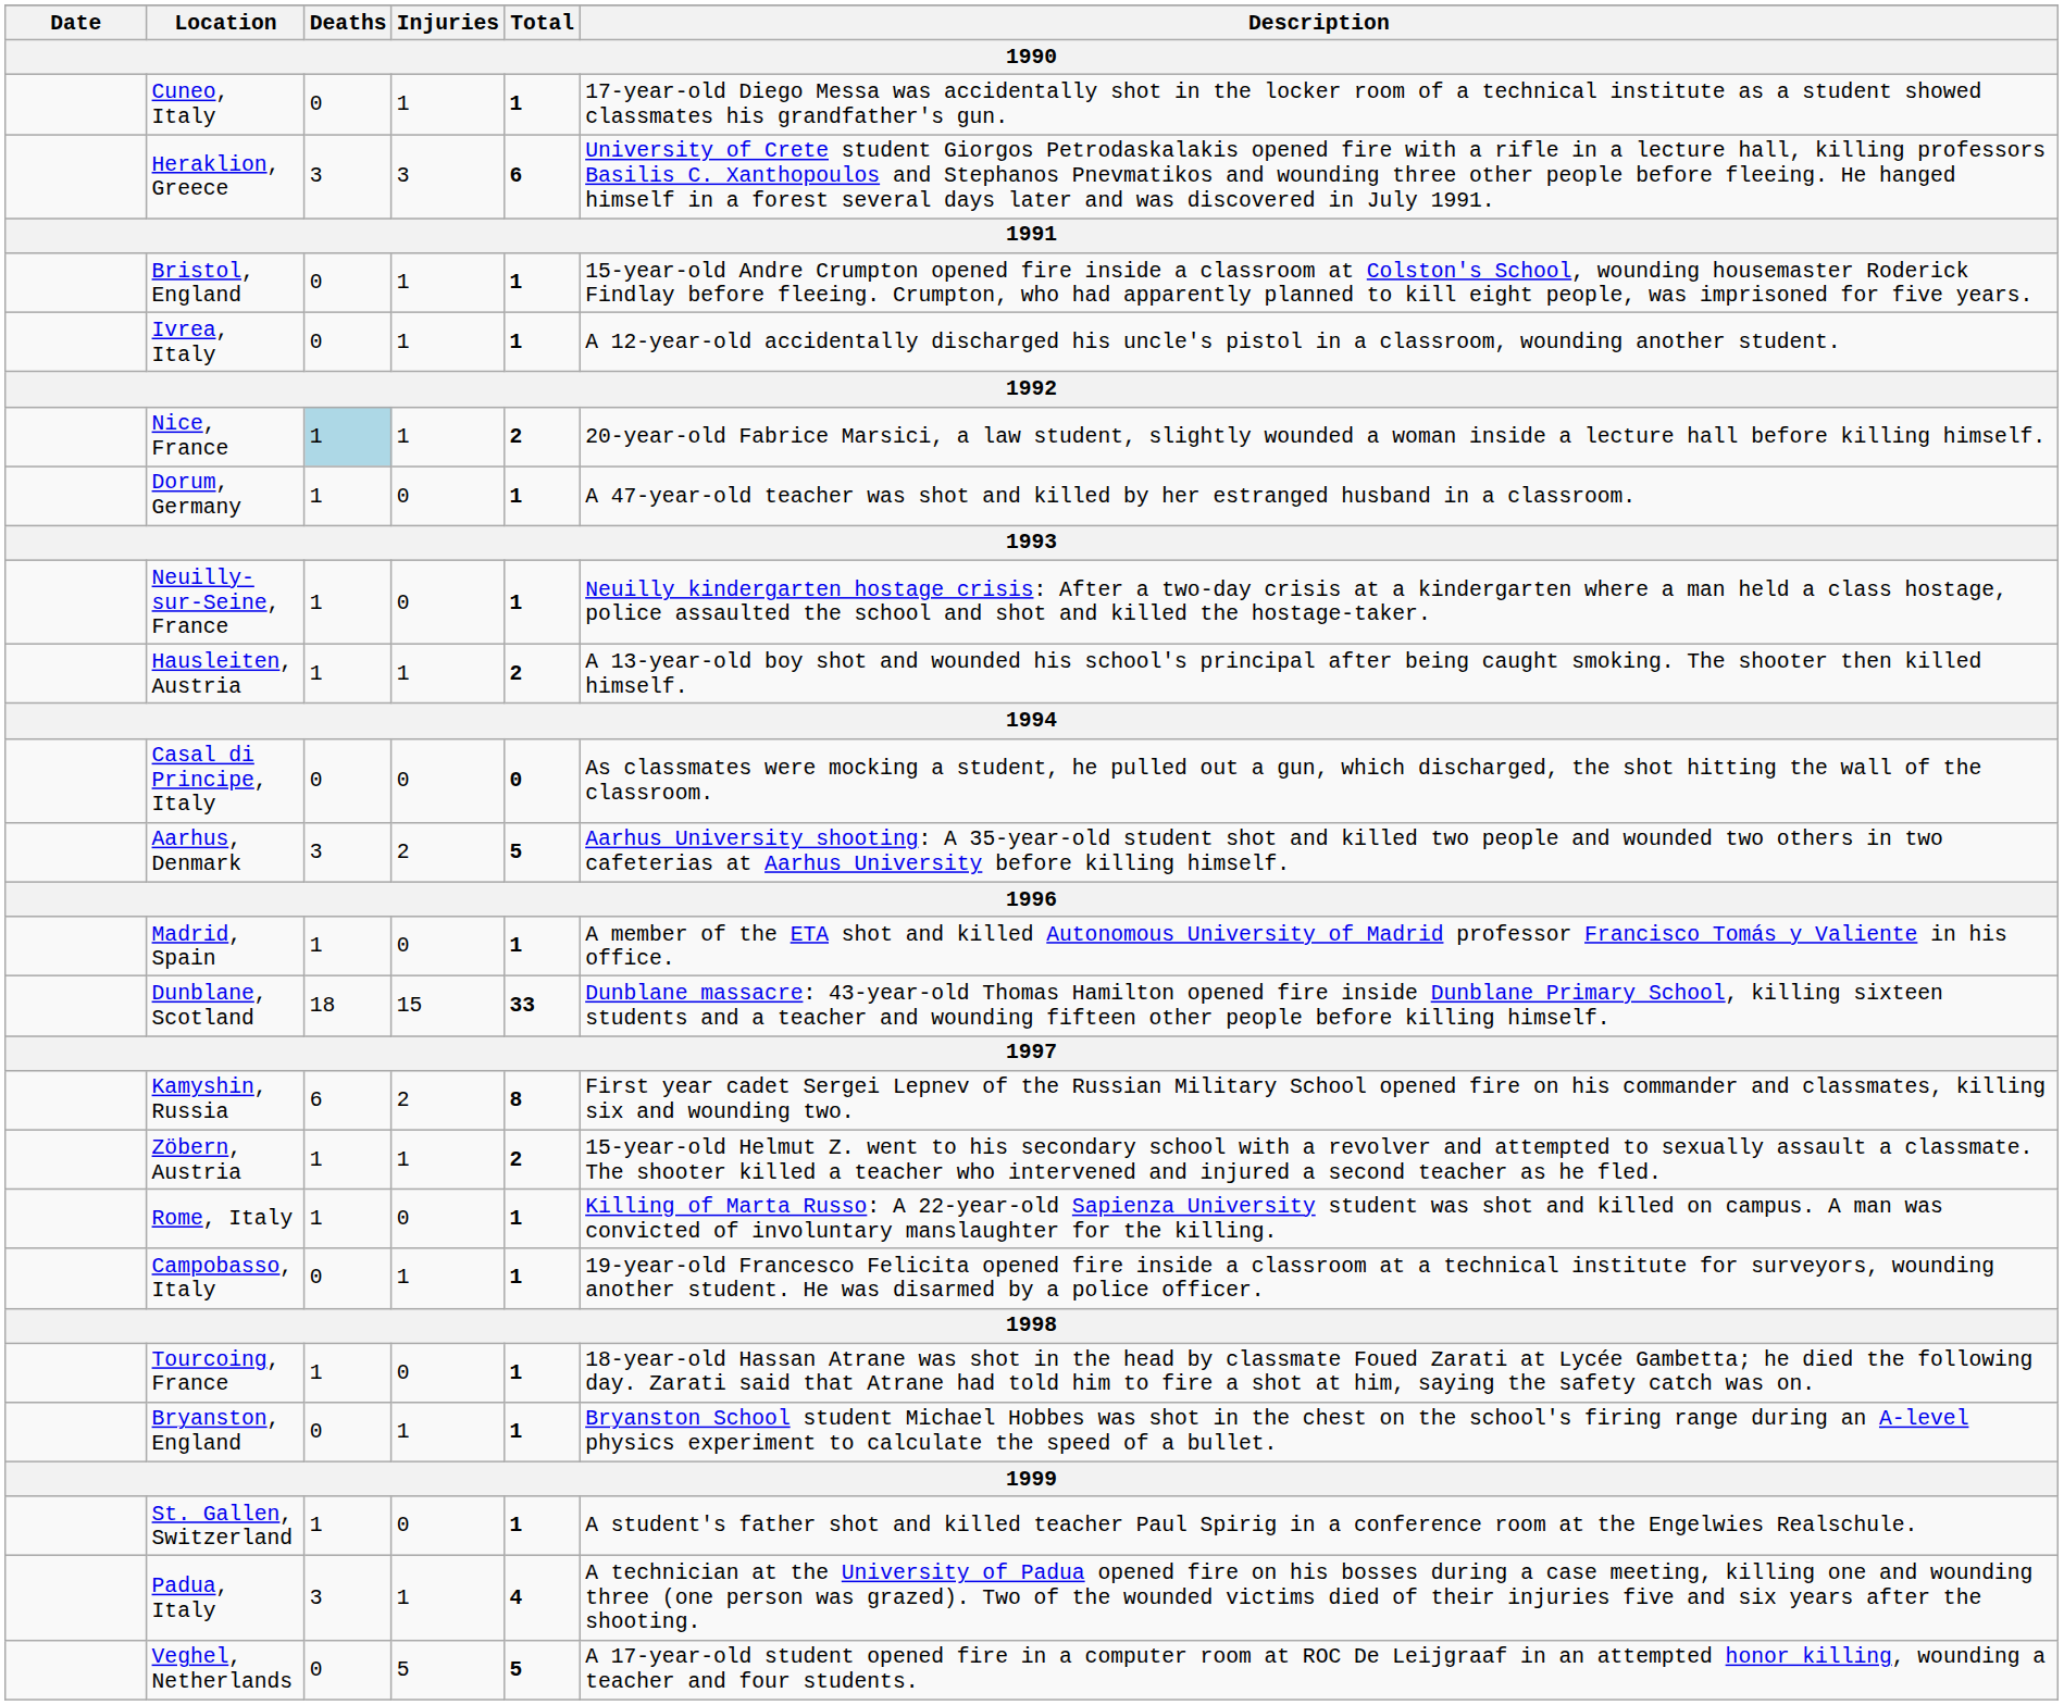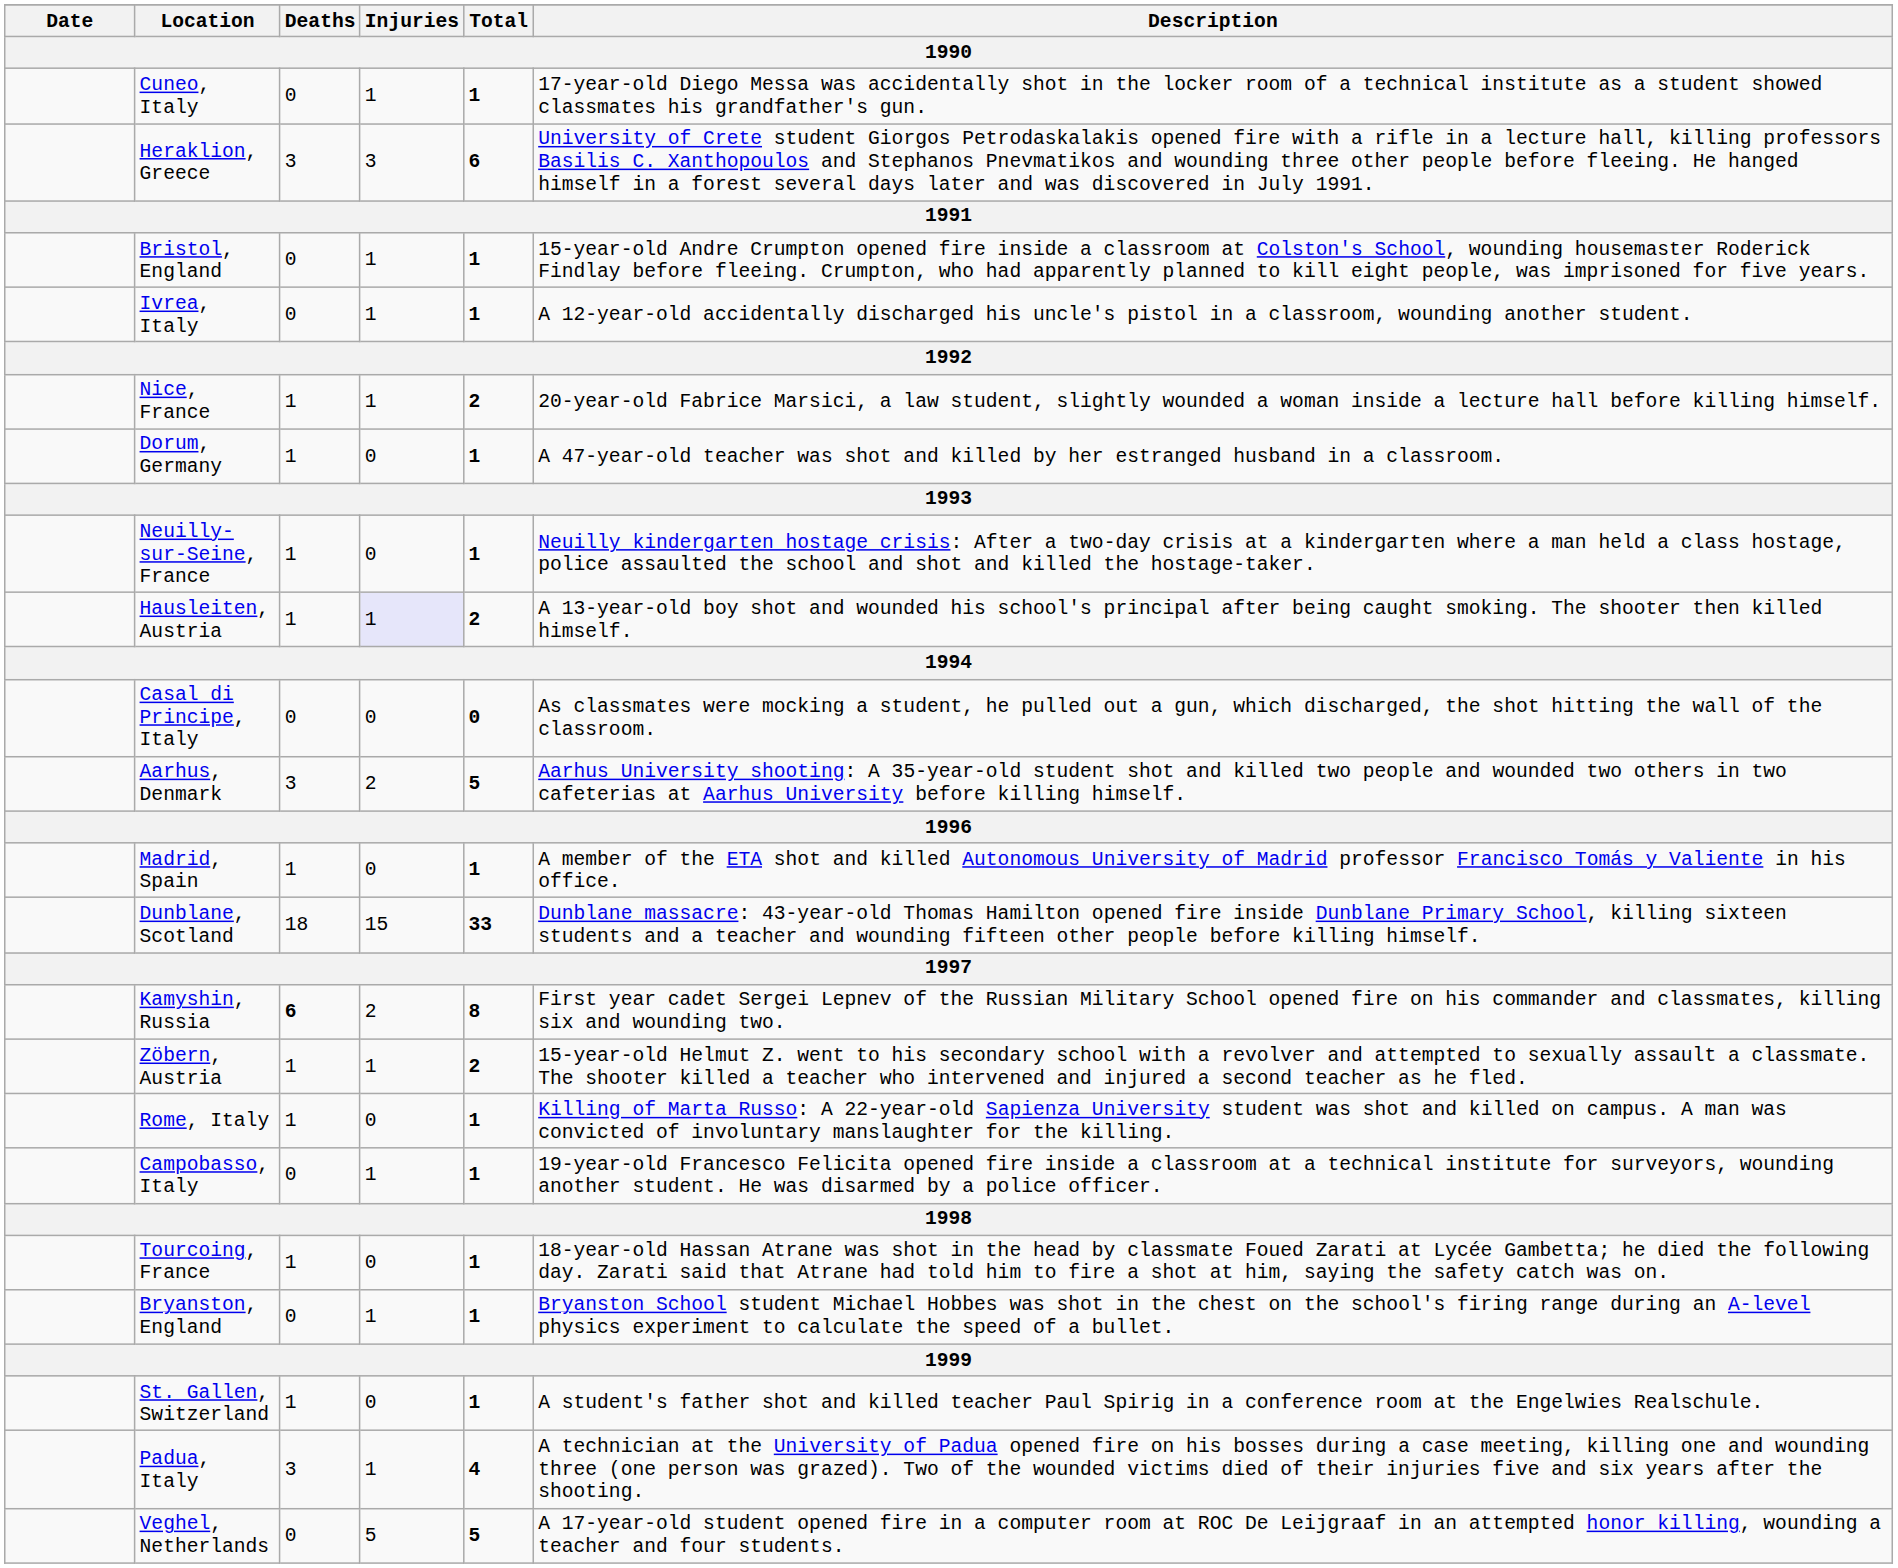 <table class="sortable wikitable" style="font-size:100%;" id="1990s">
 <tr>
 </tr>
 <tr>
 <th style="width:80px;">Date</th>
 <th style="width:90px;">Location</th>
 <th style="width:40px;">Deaths</th>
 <th style="width:40px;">Injuries</th>
 <th style="width:40px;">Total</th>
 <th class="unsortable">Description</th>
 </tr>
 <tr>
 <th colspan="7">1990 </th>
 </tr>
 <tr>
 <td></td>
 <td><a href='#'>Cuneo</a>, Italy</td>
 <td>0</td>
 <td>1</td>
 <td><strong>1</strong></td>
 <td>17-year-old Diego Messa was accidentally shot in the locker room of a technical institute as a student showed classmates his grandfather's gun.</td>
 </tr>
 <tr>
 <td></td>
 <td><a href='#'>Heraklion</a>, Greece</td>
 <td>3</td>
 <td>3</td>
 <td><strong>6</strong></td>
 <td><a href='#'>University of Crete</a> student Giorgos Petrodaskalakis opened fire with a rifle in a lecture hall, killing professors <a href='#'>Basilis C. Xanthopoulos</a> and Stephanos Pnevmatikos and wounding three other people before fleeing. He hanged himself in a forest several days later and was discovered in July 1991.</td>
 </tr>
 <tr>
 <th colspan="7">1991 </th>
 </tr>
 <tr>
 <td></td>
 <td><a href='#'>Bristol</a>, England</td>
 <td>0</td>
 <td>1</td>
 <td><strong>1</strong></td>
 <td>15-year-old Andre Crumpton opened fire inside a classroom at <a href='#'>Colston's School</a>, wounding housemaster Roderick Findlay before fleeing. Crumpton, who had apparently planned to kill eight people, was imprisoned for five years.</td>
 </tr>
 <tr>
 <td></td>
 <td><a href='#'>Ivrea</a>, Italy</td>
 <td>0</td>
 <td>1</td>
 <td><strong>1</strong></td>
 <td>A 12-year-old accidentally discharged his uncle's pistol in a classroom, wounding another student.</td>
 </tr>
 <tr>
 <th colspan="7">1992 </th>
 </tr>
 <tr>
 <td></td>
 <td><a href='#'>Nice</a>, France</td>
-<td style="background: lightblue;">1</td>
+<td>1</td>
 <td>1</td>
 <td><strong>2</strong></td>
 <td>20-year-old Fabrice Marsici, a law student, slightly wounded a woman inside a lecture hall before killing himself.</td>
 </tr>
 <tr>
 <td></td>
 <td><a href='#'>Dorum</a>, Germany</td>
 <td>1</td>
 <td>0</td>
 <td><strong>1</strong></td>
 <td>A 47-year-old teacher was shot and killed by her estranged husband in a classroom.</td>
 </tr>
 <tr>
 <th colspan="7">1993 </th>
 </tr>
 <tr>
 <td></td>
 <td><a href='#'>Neuilly-sur-Seine</a>, France</td>
 <td>1</td>
 <td>0</td>
 <td><strong>1</strong></td>
 <td><a href='#'>Neuilly kindergarten hostage crisis</a>: After a two-day crisis at a kindergarten where a man held a class hostage, police assaulted the school and shot and killed the hostage-taker.</td>
 </tr>
 <tr>
 <td></td>
 <td><a href='#'>Hausleiten</a>, Austria</td>
 <td>1</td>
-<td>1</td>
+<td style="background: lavender;">1</td>
 <td><strong>2</strong></td>
 <td>A 13-year-old boy shot and wounded his school's principal after being caught smoking. The shooter then killed himself.</td>
 </tr>
 <tr>
 <th colspan="7">1994 </th>
 </tr>
 <tr>
 <td></td>
 <td><a href='#'>Casal di Principe</a>, Italy</td>
 <td>0</td>
 <td>0</td>
 <td><strong>0</strong></td>
 <td>As classmates were mocking a student, he pulled out a gun, which discharged, the shot hitting the wall of the classroom.</td>
 </tr>
 <tr>
 <td></td>
 <td><a href='#'>Aarhus</a>, Denmark</td>
 <td>3</td>
 <td>2</td>
 <td><strong>5</strong></td>
 <td><a href='#'>Aarhus University shooting</a>: A 35-year-old student shot and killed two people and wounded two others in two cafeterias at <a href='#'>Aarhus University</a> before killing himself.</td>
 </tr>
 <tr>
 <th colspan="7">1996 </th>
 </tr>
 <tr>
 <td></td>
 <td><a href='#'>Madrid</a>, Spain</td>
 <td>1</td>
 <td>0</td>
 <td><strong>1</strong></td>
 <td>A member of the <a href='#'>ETA</a> shot and killed <a href='#'>Autonomous University of Madrid</a> professor <a href='#'>Francisco Tomás y Valiente</a> in his office.</td>
 </tr>
 <tr>
 <td></td>
 <td><a href='#'>Dunblane</a>, Scotland</td>
 <td>18</td>
 <td>15</td>
 <td><strong>33</strong></td>
 <td><a href='#'>Dunblane massacre</a>: 43-year-old Thomas Hamilton opened fire inside <a href='#'>Dunblane Primary School</a>, killing sixteen students and a teacher and wounding fifteen other people before killing himself.</td>
 </tr>
 <tr>
 <th colspan="7">1997 </th>
 </tr>
 <tr>
 <td></td>
 <td><a href='#'>Kamyshin</a>, Russia</td>
-<td>6</td>
+<td><strong>6</strong></td>
 <td>2</td>
 <td><strong>8</strong></td>
 <td>First year cadet Sergei Lepnev of the Russian Military School opened fire on his commander and classmates, killing six and wounding two.</td>
 </tr>
 <tr>
 <td></td>
 <td><a href='#'>Zöbern</a>, Austria</td>
 <td>1</td>
 <td>1</td>
 <td><strong>2</strong></td>
 <td>15-year-old Helmut Z. went to his secondary school with a revolver and attempted to sexually assault a classmate. The shooter killed a teacher who intervened and injured a second teacher as he fled.</td>
 </tr>
 <tr>
 <td></td>
 <td><a href='#'>Rome</a>, Italy</td>
 <td>1</td>
 <td>0</td>
 <td><strong>1</strong></td>
 <td><a href='#'>Killing of Marta Russo</a>: A 22-year-old <a href='#'>Sapienza University</a> student was shot and killed on campus. A man was convicted of involuntary manslaughter for the killing.</td>
 </tr>
 <tr>
 <td></td>
 <td><a href='#'>Campobasso</a>, Italy</td>
 <td>0</td>
 <td>1</td>
 <td><strong>1</strong></td>
 <td>19-year-old Francesco Felicita opened fire inside a classroom at a technical institute for surveyors, wounding another student. He was disarmed by a police officer.</td>
 </tr>
 <tr>
 <th colspan="7">1998 </th>
 </tr>
 <tr>
 <td></td>
 <td><a href='#'>Tourcoing</a>, France</td>
 <td>1</td>
 <td>0</td>
 <td><strong>1</strong></td>
 <td>18-year-old Hassan Atrane was shot in the head by classmate Foued Zarati at Lycée Gambetta; he died the following day. Zarati said that Atrane had told him to fire a shot at him, saying the safety catch was on.</td>
 </tr>
 <tr>
 <td></td>
 <td><a href='#'>Bryanston</a>, England</td>
 <td>0</td>
 <td>1</td>
 <td><strong>1</strong></td>
 <td><a href='#'>Bryanston School</a> student Michael Hobbes was shot in the chest on the school's firing range during an <a href='#'>A-level</a> physics experiment to calculate the speed of a bullet.</td>
 </tr>
 <tr>
 <th colspan="7">1999 </th>
 </tr>
 <tr>
 <td></td>
 <td><a href='#'>St. Gallen</a>, Switzerland</td>
 <td>1</td>
 <td>0</td>
 <td><strong>1</strong></td>
 <td>A student's father shot and killed teacher Paul Spirig in a conference room at the Engelwies Realschule.</td>
 </tr>
 <tr>
 <td></td>
 <td><a href='#'>Padua</a>, Italy</td>
 <td>3</td>
 <td>1</td>
 <td><strong>4</strong></td>
 <td>A technician at the <a href='#'>University of Padua</a> opened fire on his bosses during a case meeting, killing one and wounding three (one person was grazed). Two of the wounded victims died of their injuries five and six years after the shooting.</td>
 </tr>
 <tr>
 <td></td>
 <td><a href='#'>Veghel</a>, Netherlands</td>
 <td>0</td>
 <td>5</td>
 <td><strong>5</strong></td>
 <td>A 17-year-old student opened fire in a computer room at ROC De Leijgraaf in an attempted <a href='#'>honor killing</a>, wounding a teacher and four students.</td>
 </tr>
 </table>
